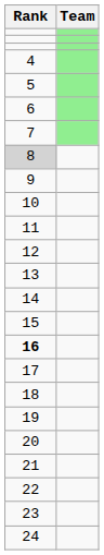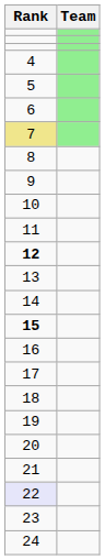 <table class="wikitable">
 <tr>
 <th style="width: 40px;">Rank</th>
 <th>Team</th>
 </tr>
 <tr>
 <td style="text-align: center;"></td>
 <td style="background-color: lightgreen;"> </td>
 </tr>
 <tr>
 <td style="text-align: center;"></td>
 <td style="background-color: lightgreen;"></td>
 </tr>
 <tr>
 <td style="text-align: center;"></td>
 <td style="background-color: lightgreen;"> </td>
 </tr>
 <tr>
 <td style="text-align: center;">4</td>
 <td style="background-color: lightgreen;"> </td>
 </tr>
 <tr>
 <td style="text-align: center;">5</td>
 <td style="background-color: lightgreen;"></td>
 </tr>
 <tr>
 <td style="text-align: center;">6</td>
 <td style="background-color: lightgreen;"> </td>
 </tr>
 <tr>
-<td style="text-align: center;">7</td>
+<td style="background: khaki; text-align: center;">7</td>
 <td style="background-color: lightgreen;"> </td>
 </tr>
 <tr>
-<td style="background: lightgrey; text-align: center;">8</td>
+<td style="text-align: center;">8</td>
 <td> </td>
 </tr>
 <tr>
 <td style="text-align: center;">9</td>
 <td> </td>
 </tr>
 <tr>
 <td style="text-align: center;">10</td>
 <td> </td>
 </tr>
 <tr>
 <td style="text-align: center;">11</td>
 <td> </td>
 </tr>
 <tr>
-<td style="text-align: center;">12</td>
+<td style="text-align: center;"><strong>12</strong></td>
 <td></td>
 </tr>
 <tr>
 <td style="text-align: center;">13</td>
 <td> </td>
 </tr>
 <tr>
 <td style="text-align: center;">14</td>
 <td></td>
 </tr>
 <tr>
-<td style="text-align: center;">15</td>
+<td style="text-align: center;"><strong>15</strong></td>
 <td> </td>
 </tr>
 <tr>
-<td style="text-align: center;"><strong>16</strong></td>
+<td style="text-align: center;">16</td>
 <td></td>
 </tr>
 <tr>
 <td style="text-align: center;">17</td>
 <td> </td>
 </tr>
 <tr>
 <td style="text-align: center;">18</td>
 <td></td>
 </tr>
 <tr>
 <td style="text-align: center;">19</td>
 <td></td>
 </tr>
 <tr>
 <td style="text-align: center;">20</td>
 <td></td>
 </tr>
 <tr>
 <td style="text-align: center;">21</td>
 <td></td>
 </tr>
 <tr>
-<td style="text-align: center;">22</td>
+<td style="background: lavender; text-align: center;">22</td>
 <td></td>
 </tr>
 <tr>
 <td style="text-align: center;">23</td>
 <td></td>
 </tr>
 <tr>
 <td style="text-align: center;">24</td>
 <td></td>
 </tr>
 </table>
